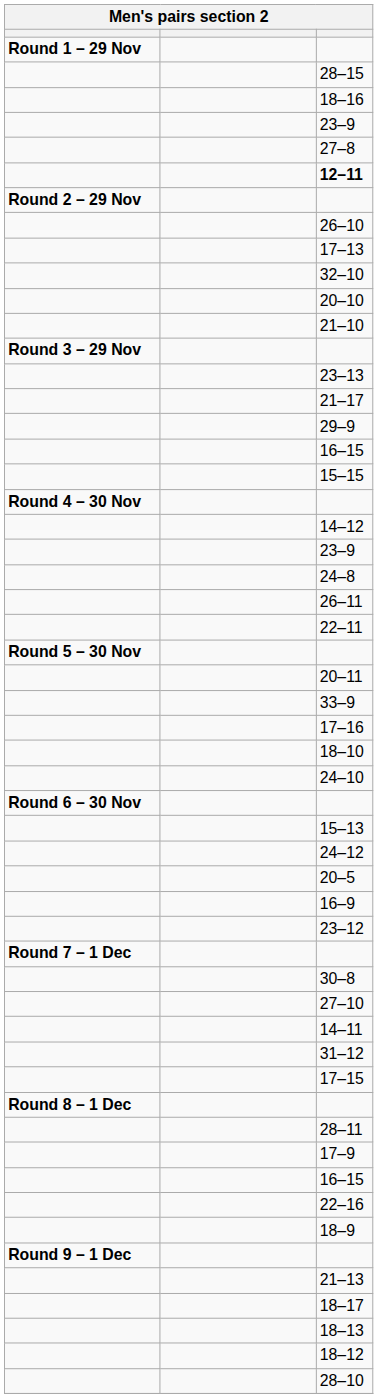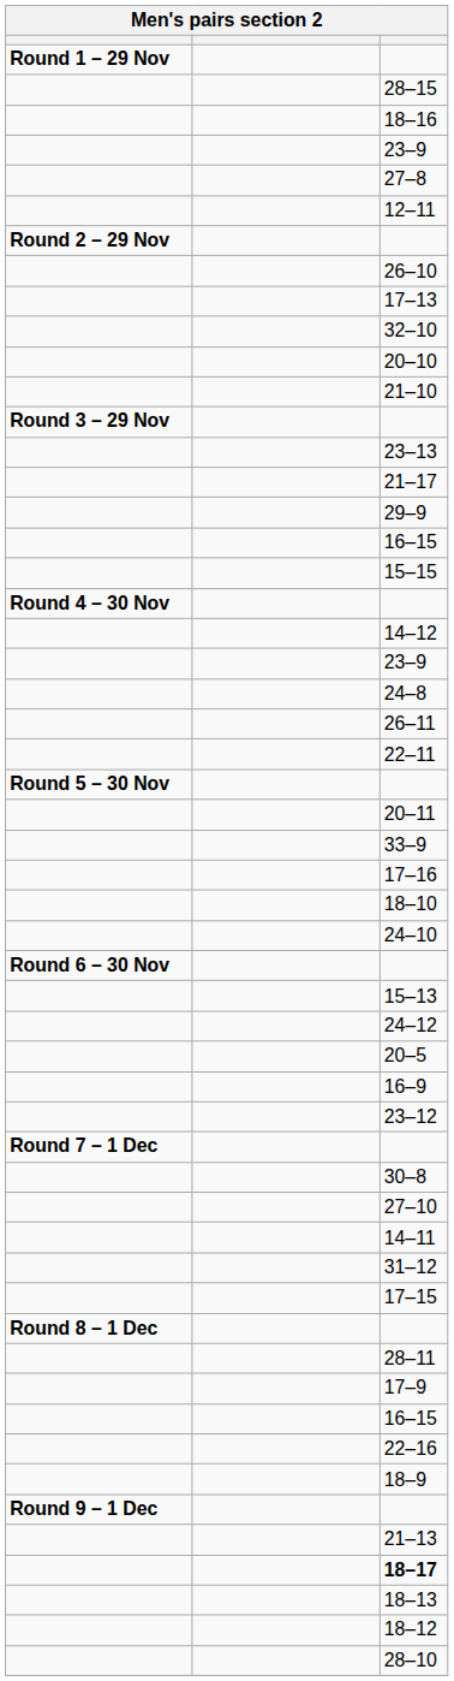 <table class="wikitable">
 <tr>
 <th colspan="3">Men's pairs section 2</th>
 </tr>
 <tr>
 <th width=150></th>
 <th width=150></th>
 <th width=50></th>
 </tr>
 <tr>
 <td><strong>Round 1 – 29 Nov</strong></td>
 <td></td>
 <td></td>
 </tr>
 <tr>
 <td></td>
 <td></td>
 <td>28–15</td>
 </tr>
 <tr>
 <td></td>
 <td></td>
 <td>18–16</td>
 </tr>
 <tr>
 <td></td>
 <td></td>
 <td>23–9</td>
 </tr>
 <tr>
 <td></td>
 <td></td>
 <td>27–8</td>
 </tr>
 <tr>
 <td></td>
 <td></td>
-<td><strong>12–11</strong></td>
+<td>12–11</td>
 </tr>
 <tr>
 <td><strong>Round 2 – 29 Nov</strong></td>
 <td></td>
 <td></td>
 </tr>
 <tr>
 <td></td>
 <td></td>
 <td>26–10</td>
 </tr>
 <tr>
 <td></td>
 <td></td>
 <td>17–13</td>
 </tr>
 <tr>
 <td></td>
 <td></td>
 <td>32–10</td>
 </tr>
 <tr>
 <td></td>
 <td></td>
 <td>20–10</td>
 </tr>
 <tr>
 <td></td>
 <td></td>
 <td>21–10</td>
 </tr>
 <tr>
 <td><strong>Round 3 – 29 Nov</strong></td>
 <td></td>
 <td></td>
 </tr>
 <tr>
 <td></td>
 <td></td>
 <td>23–13</td>
 </tr>
 <tr>
 <td></td>
 <td></td>
 <td>21–17</td>
 </tr>
 <tr>
 <td></td>
 <td></td>
 <td>29–9</td>
 </tr>
 <tr>
 <td></td>
 <td></td>
 <td>16–15</td>
 </tr>
 <tr>
 <td></td>
 <td></td>
 <td>15–15</td>
 </tr>
 <tr>
 <td><strong>Round 4 – 30 Nov</strong></td>
 <td></td>
 <td></td>
 </tr>
 <tr>
 <td></td>
 <td></td>
 <td>14–12</td>
 </tr>
 <tr>
 <td></td>
 <td></td>
 <td>23–9</td>
 </tr>
 <tr>
 <td></td>
 <td></td>
 <td>24–8</td>
 </tr>
 <tr>
 <td></td>
 <td></td>
 <td>26–11</td>
 </tr>
 <tr>
 <td></td>
 <td></td>
 <td>22–11</td>
 </tr>
 <tr>
 <td><strong>Round 5 – 30 Nov</strong></td>
 <td></td>
 <td></td>
 </tr>
 <tr>
 <td></td>
 <td></td>
 <td>20–11</td>
 </tr>
 <tr>
 <td></td>
 <td></td>
 <td>33–9</td>
 </tr>
 <tr>
 <td></td>
 <td></td>
 <td>17–16</td>
 </tr>
 <tr>
 <td></td>
 <td></td>
 <td>18–10</td>
 </tr>
 <tr>
 <td></td>
 <td></td>
 <td>24–10</td>
 </tr>
 <tr>
 <td><strong>Round 6  – 30 Nov </strong></td>
 <td></td>
 <td></td>
 </tr>
 <tr>
 <td></td>
 <td></td>
 <td>15–13</td>
 </tr>
 <tr>
 <td></td>
 <td></td>
 <td>24–12</td>
 </tr>
 <tr>
 <td></td>
 <td></td>
 <td>20–5</td>
 </tr>
 <tr>
 <td></td>
 <td></td>
 <td>16–9</td>
 </tr>
 <tr>
 <td></td>
 <td></td>
 <td>23–12</td>
 </tr>
 <tr>
 <td><strong>Round 7 – 1 Dec </strong></td>
 <td></td>
 <td></td>
 </tr>
 <tr>
 <td></td>
 <td></td>
 <td>30–8</td>
 </tr>
 <tr>
 <td></td>
 <td></td>
 <td>27–10</td>
 </tr>
 <tr>
 <td></td>
 <td></td>
 <td>14–11</td>
 </tr>
 <tr>
 <td></td>
 <td></td>
 <td>31–12</td>
 </tr>
 <tr>
 <td></td>
 <td></td>
 <td>17–15</td>
 </tr>
 <tr>
 <td><strong>Round 8 – 1 Dec </strong></td>
 <td></td>
 <td></td>
 </tr>
 <tr>
 <td></td>
 <td></td>
 <td>28–11</td>
 </tr>
 <tr>
 <td></td>
 <td></td>
 <td>17–9</td>
 </tr>
 <tr>
 <td></td>
 <td></td>
 <td>16–15</td>
 </tr>
 <tr>
 <td></td>
 <td></td>
 <td>22–16</td>
 </tr>
 <tr>
 <td></td>
 <td></td>
 <td>18–9</td>
 </tr>
 <tr>
 <td><strong>Round 9 – 1 Dec </strong></td>
 <td></td>
 <td></td>
 </tr>
 <tr>
 <td></td>
 <td></td>
 <td>21–13</td>
 </tr>
 <tr>
 <td></td>
 <td></td>
-<td>18–17</td>
+<td><strong>18–17</strong></td>
 </tr>
 <tr>
 <td></td>
 <td></td>
 <td>18–13</td>
 </tr>
 <tr>
 <td></td>
 <td></td>
 <td>18–12</td>
 </tr>
 <tr>
 <td></td>
 <td></td>
 <td>28–10</td>
 </tr>
 <tr>
 </tr>
 </table>
